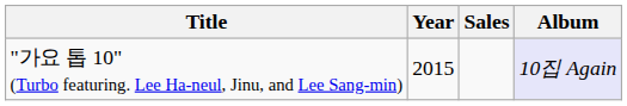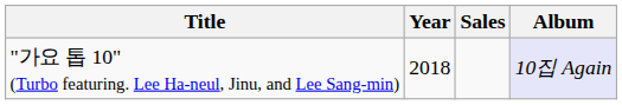 <table class="wikitable">
 <tr>
 <th>Title</th>
 <th>Year</th>
 <th>Sales</th>
 <th>Album</th>
 </tr>
 <tr>
 <td>"가요 톱 10"<br><small>(<a href='#'>Turbo</a> featuring. <a href='#'>Lee Ha-neul</a>, Jinu, and <a href='#'>Lee Sang-min</a>)</small></td>
-<td>2015</td>
+<td>2018</td>
 <td></td>
 <td style="background: lavender;"><em>10집 Again</em></td>
 </tr>
 </table>
